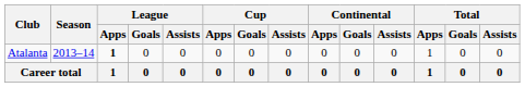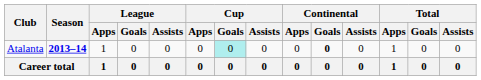 <table class="wikitable" style="font-size:90%; text-align:center;">
 <tr>
 <th rowspan="2">Club</th>
 <th rowspan="2">Season</th>
 <th colspan="3">League</th>
 <th colspan="3">Cup</th>
 <th colspan="3">Continental</th>
 <th colspan="3">Total</th>
 </tr>
 <tr>
 <th>Apps</th>
 <th>Goals</th>
 <th>Assists</th>
 <th>Apps</th>
 <th>Goals</th>
 <th>Assists</th>
 <th>Apps</th>
 <th>Goals</th>
 <th>Assists</th>
 <th>Apps</th>
 <th>Goals</th>
 <th>Assists</th>
 </tr>
 <tr>
 <td rowspan="1"><a href='#'>Atalanta</a></td>
-<td><a href='#'>2013–14</a></td>
-<td><strong>1</strong></td>
+<td><strong><a href='#'>2013–14</a></strong></td>
+<td>1</td>
 <td>0</td>
 <td>0</td>
 <td>0</td>
+<td style="background: paleturquoise;">0</td>
 <td>0</td>
 <td>0</td>
-<td>0</td>
-<td>0</td>
+<td><strong>0</strong></td>
 <td>0</td>
 <td>1</td>
 <td>0</td>
 <td>0</td>
 </tr>
 <tr>
 <th colspan="2">Career total</th>
 <th>1</th>
 <th>0</th>
 <th>0</th>
 <th>0</th>
 <th>0</th>
 <th>0</th>
 <th>0</th>
 <th>0</th>
 <th>0</th>
 <th>1</th>
 <th>0</th>
 <th>0</th>
 </tr>
 </table>
